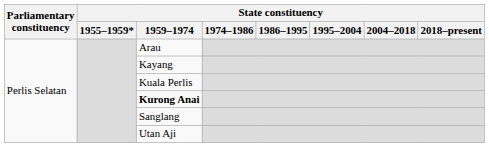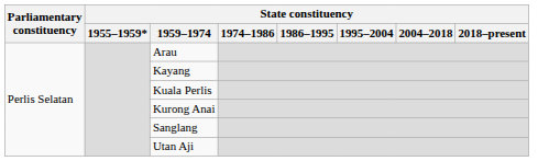 <table class="wikitable">
 <tr>
 <th rowspan="2">Parliamentary<br>constituency</th>
 <th colspan="7">State constituency</th>
 </tr>
 <tr>
 <th>1955–1959*</th>
 <th>1959–1974</th>
 <th>1974–1986</th>
 <th>1986–1995</th>
 <th>1995–2004</th>
 <th>2004–2018</th>
 <th>2018–present</th>
 </tr>
 <tr>
 <td rowspan="6">Perlis Selatan</td>
 <td rowspan="6" bgcolor="dcdcdc"></td>
 <td>Arau</td>
 <td colspan="5" bgcolor="dcdcdc"></td>
 </tr>
 <tr>
 <td>Kayang</td>
 <td colspan="5" bgcolor="dcdcdc"></td>
 </tr>
 <tr>
 <td>Kuala Perlis</td>
 <td colspan="5" bgcolor="dcdcdc"></td>
 </tr>
 <tr>
-<td><strong>Kurong Anai</strong></td>
+<td>Kurong Anai</td>
 <td colspan="5" bgcolor="dcdcdc"></td>
 </tr>
 <tr>
 <td>Sanglang</td>
 <td colspan="5" bgcolor="dcdcdc"></td>
 </tr>
 <tr>
 <td>Utan Aji</td>
 <td colspan="5" bgcolor="dcdcdc"></td>
 </tr>
 </table>
